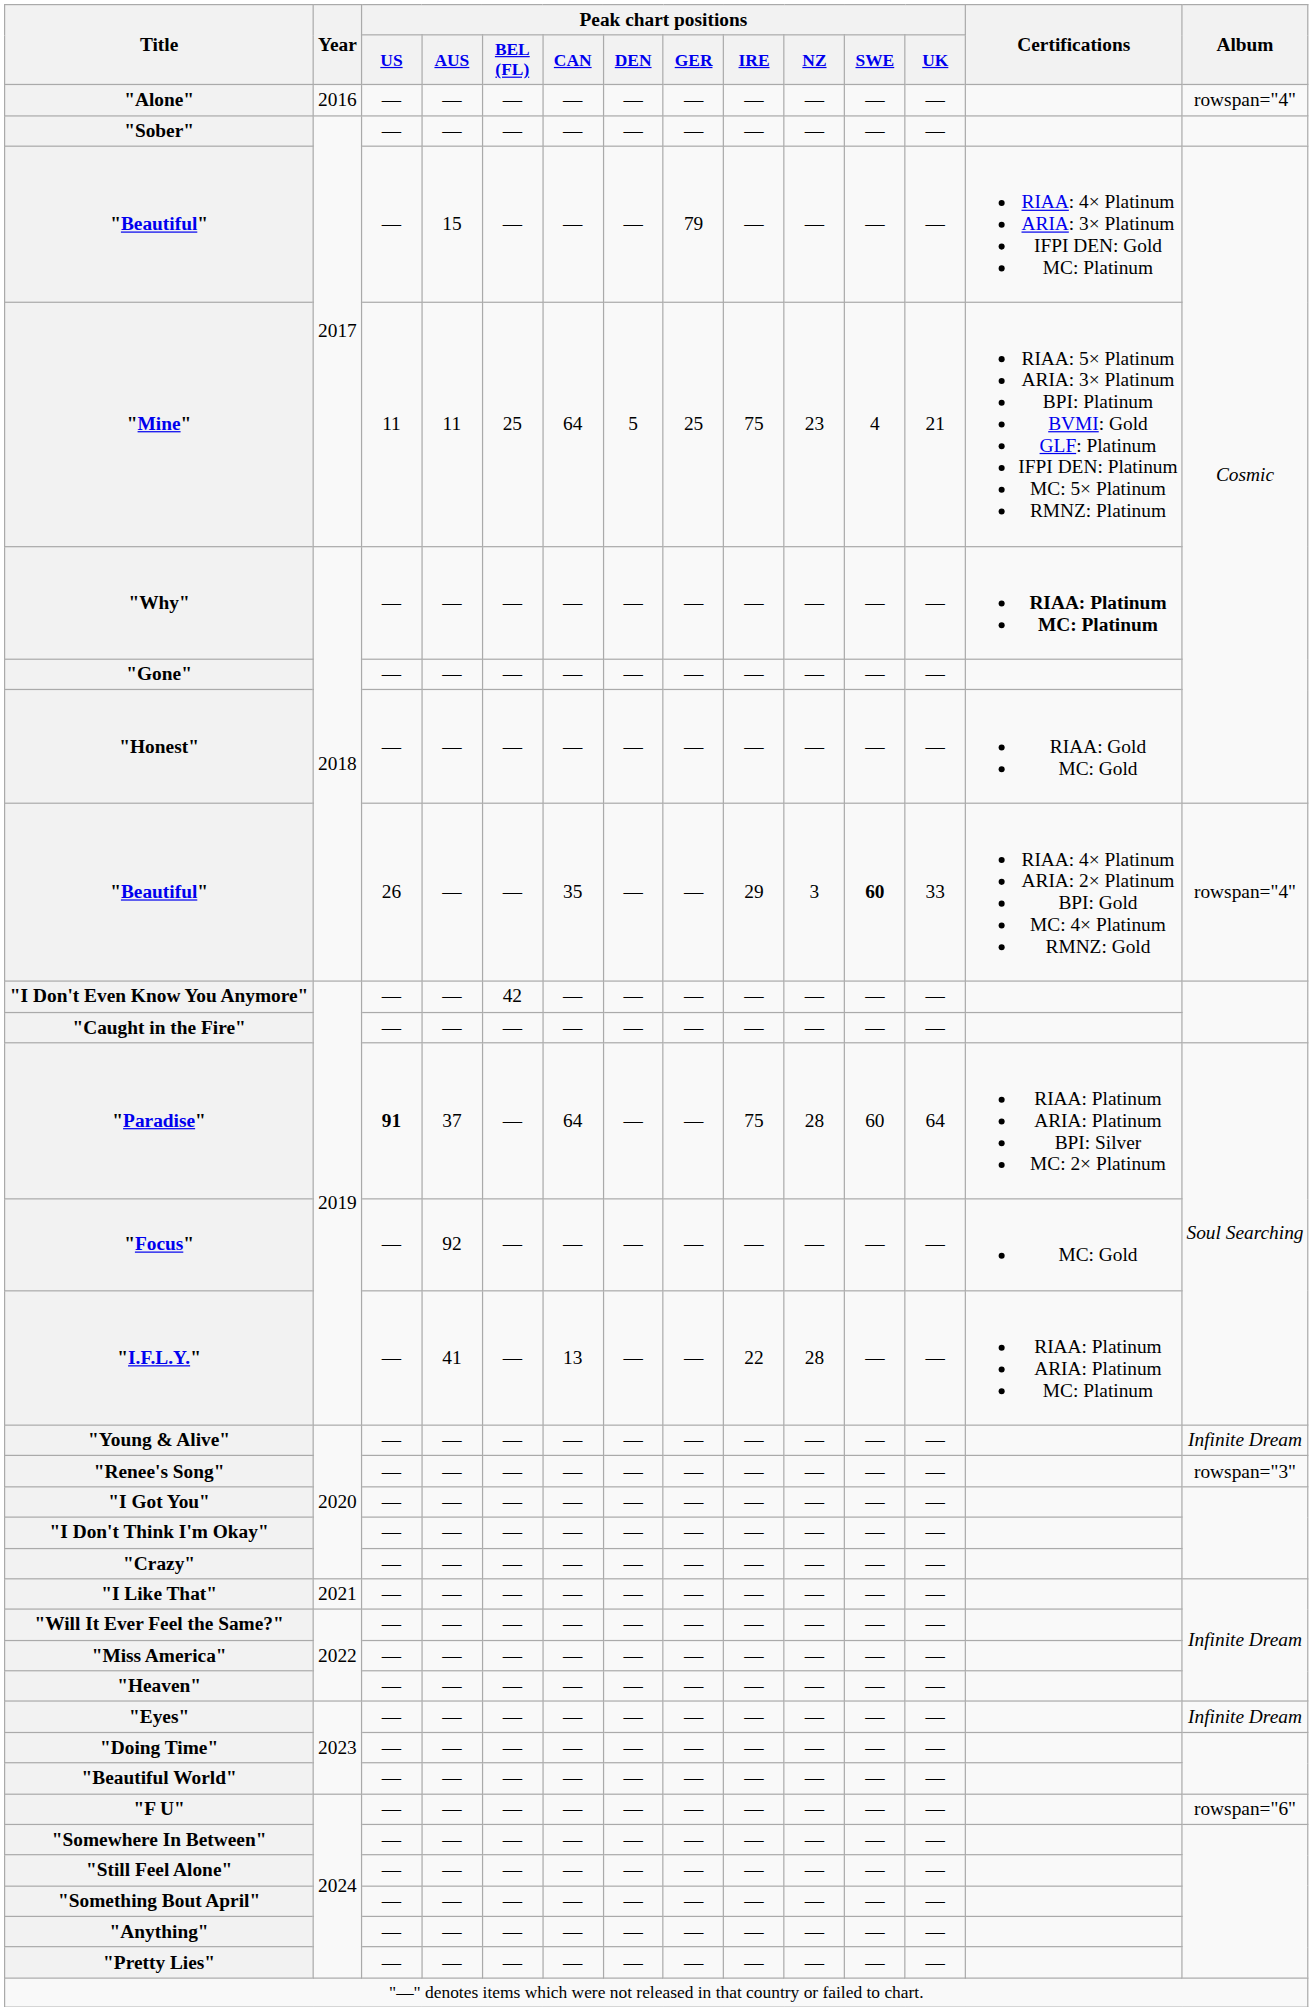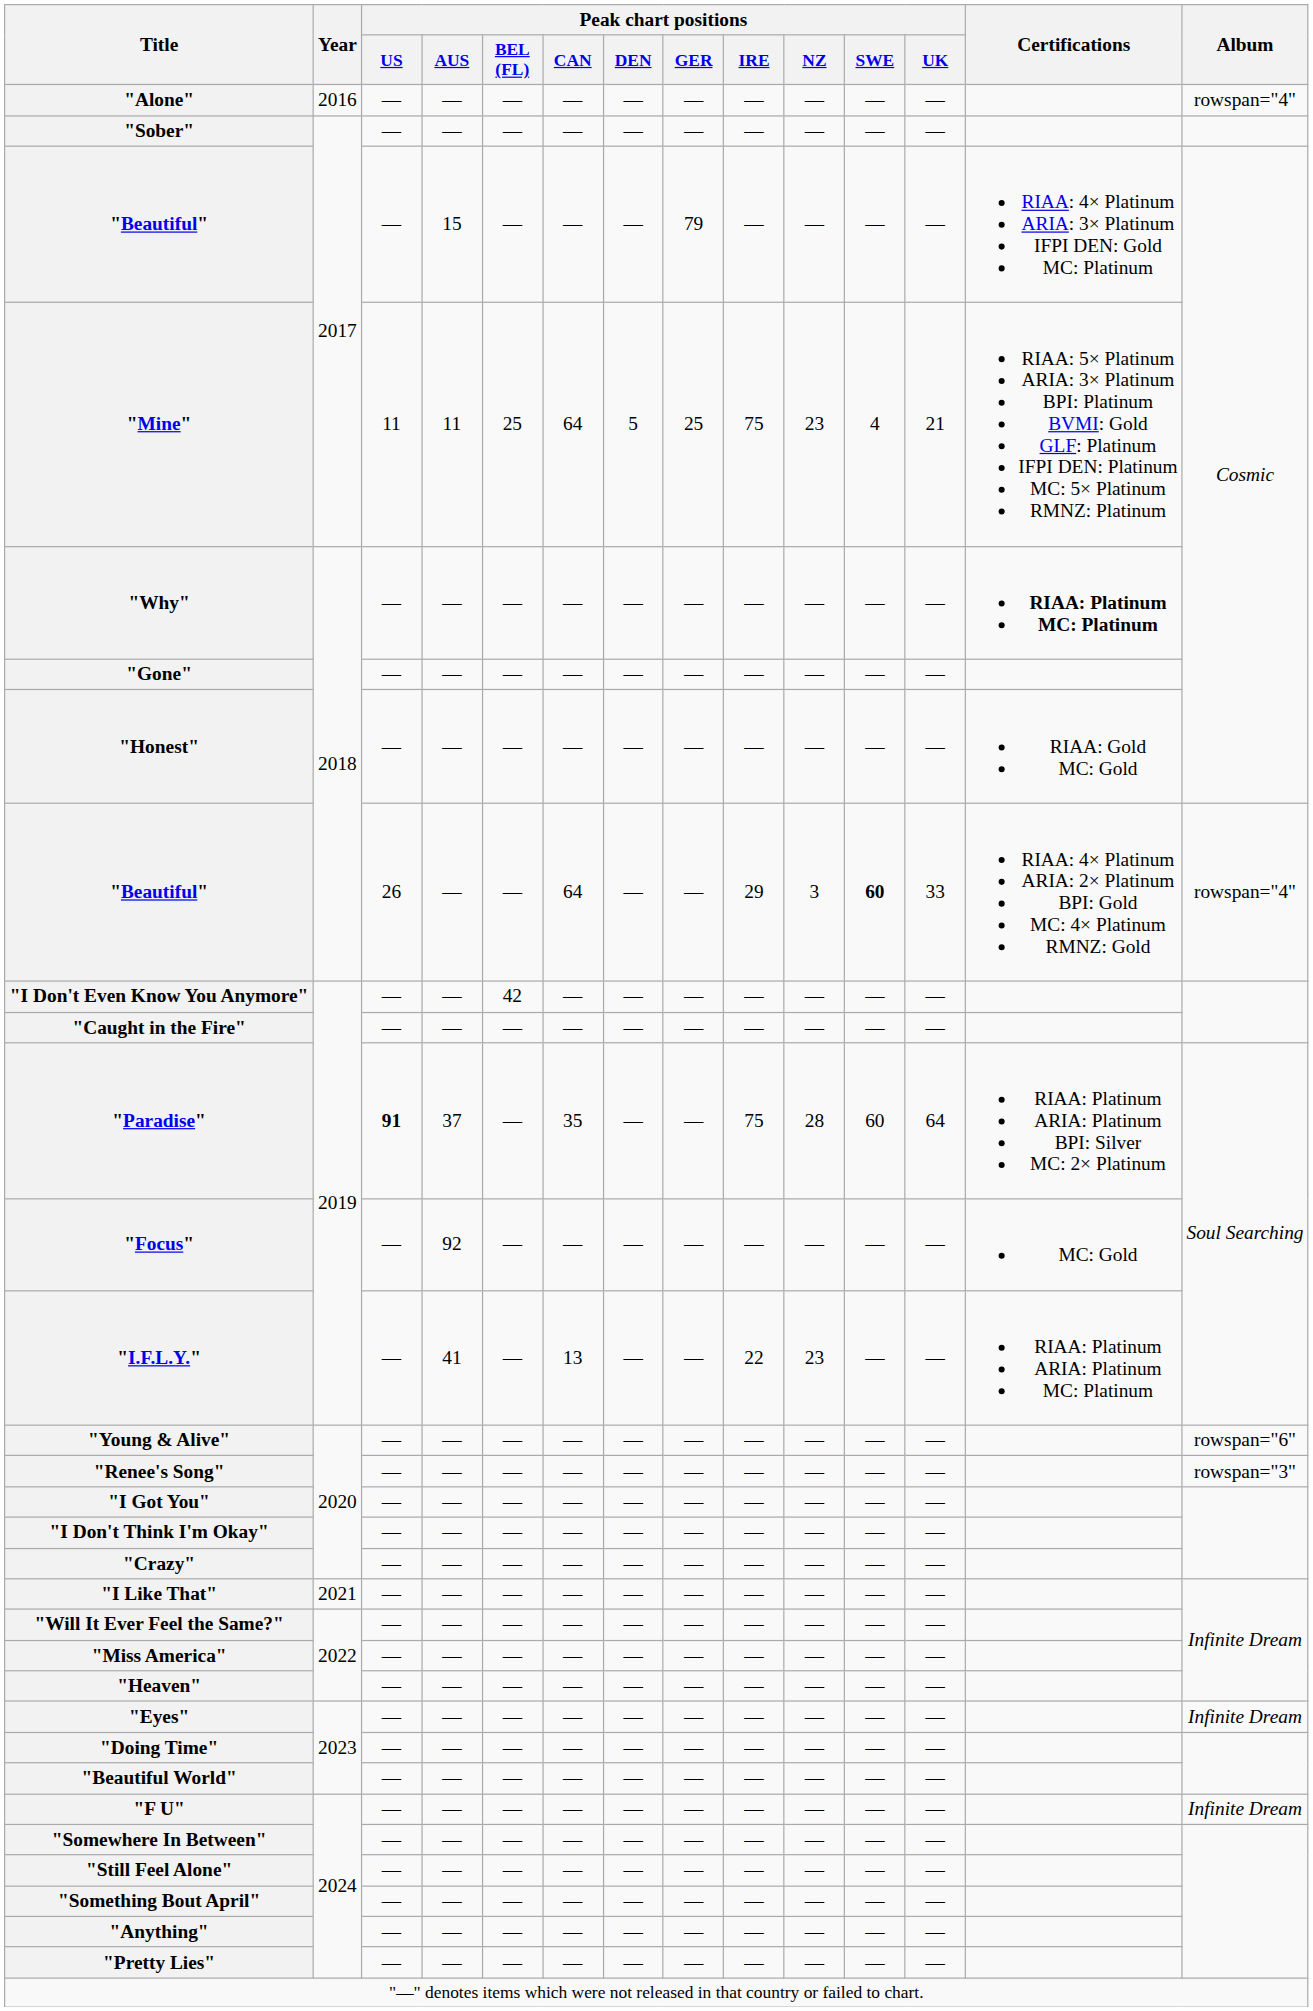 <table class="wikitable plainrowheaders" style="text-align:center;">
 <tr>
 <th scope="col" rowspan="2" style="width:15.5em;">Title</th>
 <th scope="col" rowspan="2" style="width:1em;">Year</th>
 <th scope="col" colspan="10">Peak chart positions</th>
 <th scope="col" rowspan="2">Certifications</th>
 <th scope="col" rowspan="2">Album</th>
 </tr>
 <tr>
 <th scope="col" style="width:3em;font-size:90%;"><a href='#'>US</a><br></th>
 <th scope="col" style="width:3em;font-size:90%;"><a href='#'>AUS</a><br></th>
 <th scope="col" style="width:3em;font-size:90%;"><a href='#'>BEL<br>(FL)</a><br></th>
 <th scope="col" style="width:3em;font-size:90%;"><a href='#'>CAN</a><br></th>
 <th scope="col" style="width:3em;font-size:90%;"><a href='#'>DEN</a><br></th>
 <th scope="col" style="width:3em;font-size:90%;"><a href='#'>GER</a><br></th>
 <th scope="col" style="width:3em;font-size:90%;"><a href='#'>IRE</a><br></th>
 <th scope="col" style="width:3em;font-size:90%;"><a href='#'>NZ</a><br></th>
 <th scope="col" style="width:3em;font-size:90%;"><a href='#'>SWE</a><br></th>
 <th scope="col" style="width:3em;font-size:90%;"><a href='#'>UK</a><br></th>
 </tr>
 <tr>
 <th scope="row">"Alone"</th>
 <td>2016</td>
 <td>—</td>
 <td>—</td>
 <td>—</td>
 <td>—</td>
 <td>—</td>
 <td>—</td>
 <td>—</td>
 <td>—</td>
 <td>—</td>
 <td>—</td>
 <td></td>
 <td>rowspan="4" </td>
 </tr>
 <tr>
 <th scope="row">"Sober"</th>
 <td rowspan="3">2017</td>
 <td>—</td>
 <td>—</td>
 <td>—</td>
 <td>—</td>
 <td>—</td>
 <td>—</td>
 <td>—</td>
 <td>—</td>
 <td>—</td>
 <td>—</td>
 <td></td>
 </tr>
 <tr>
 <th scope="row">"<a href='#'>Beautiful</a>"</th>
 <td>—</td>
 <td>15</td>
 <td>—</td>
 <td>—</td>
 <td>—</td>
 <td>79</td>
 <td>—</td>
 <td>—</td>
 <td>—</td>
 <td>—</td>
 <td><br><ul><li><a href='#'>RIAA</a>:  4× Platinum</li><li><a href='#'>ARIA</a>: 3× Platinum</li><li>IFPI DEN: Gold</li><li>MC: Platinum</li></ul></td>
 <td rowspan="5"><em>Cosmic</em></td>
 </tr>
 <tr>
 <th scope="row">"<a href='#'>Mine</a>"</th>
 <td>11</td>
 <td>11</td>
 <td>25</td>
 <td>64</td>
 <td>5</td>
 <td>25</td>
 <td>75<br></td>
 <td>23</td>
 <td>4</td>
 <td>21</td>
 <td><br><ul><li>RIAA: 5× Platinum</li><li>ARIA: 3× Platinum</li><li>BPI: Platinum</li><li><a href='#'>BVMI</a>: Gold</li><li><a href='#'>GLF</a>: Platinum</li><li>IFPI DEN: Platinum</li><li>MC: 5× Platinum</li><li>RMNZ: Platinum</li></ul></td>
 </tr>
 <tr>
 <th scope="row">"Why"</th>
 <td rowspan="4">2018</td>
 <td>—</td>
 <td>—</td>
 <td>—</td>
 <td>—</td>
 <td>—</td>
 <td>—</td>
 <td>—</td>
 <td>—</td>
 <td>—</td>
 <td>—</td>
 <td><strong><br><ul><li>RIAA: Platinum</li><li>MC: Platinum</li></ul></strong></td>
 </tr>
 <tr>
 <th scope="row">"Gone"</th>
 <td>—</td>
 <td>—</td>
 <td>—</td>
 <td>—</td>
 <td>—</td>
 <td>—</td>
 <td>—</td>
 <td>—</td>
 <td>—</td>
 <td>—</td>
 <td></td>
 </tr>
 <tr>
 <th scope="row">"Honest"</th>
 <td>—</td>
 <td>—</td>
 <td>—</td>
 <td>—</td>
 <td>—</td>
 <td>—</td>
 <td>—</td>
 <td>—</td>
 <td>—</td>
 <td>—</td>
 <td><br><ul><li>RIAA: Gold</li><li>MC: Gold</li></ul></td>
 </tr>
 <tr>
 <th scope="row">"<a href='#'>Beautiful</a>"<br></th>
 <td>26</td>
 <td>—</td>
 <td>—</td>
-<td>35</td>
+<td>64</td>
 <td>—</td>
 <td>—</td>
 <td>29</td>
 <td>3</td>
 <td><strong>60</strong></td>
 <td>33</td>
 <td><br><ul><li>RIAA:  4× Platinum</li><li>ARIA: 2× Platinum</li><li>BPI: Gold</li><li>MC: 4× Platinum</li><li>RMNZ: Gold</li></ul></td>
 <td>rowspan="4" </td>
 </tr>
 <tr>
 <th scope="row">"I Don't Even Know You Anymore"<br></th>
 <td rowspan="5">2019</td>
 <td>—</td>
 <td>—</td>
 <td>42</td>
 <td>—</td>
 <td>—</td>
 <td>—</td>
 <td>—</td>
 <td>—</td>
 <td>—</td>
 <td>—</td>
 <td></td>
 </tr>
 <tr>
 <th scope="row">"Caught in the Fire"</th>
 <td>—</td>
 <td>—</td>
 <td>—</td>
 <td>—</td>
 <td>—</td>
 <td>—</td>
 <td>—</td>
 <td>—</td>
 <td>—</td>
 <td>—</td>
 <td></td>
 </tr>
 <tr>
 <th scope="row">"<a href='#'>Paradise</a>"</th>
 <td><strong>91</strong></td>
 <td>37</td>
 <td>—</td>
-<td>64</td>
+<td>35</td>
 <td>—</td>
 <td>—</td>
 <td>75<br></td>
 <td>28<br></td>
 <td>60</td>
 <td>64</td>
 <td><br><ul><li>RIAA: Platinum</li><li>ARIA: Platinum</li><li>BPI: Silver</li><li>MC: 2× Platinum</li></ul></td>
 <td rowspan="3"><em>Soul Searching</em></td>
 </tr>
 <tr>
 <th scope="row">"<a href='#'>Focus</a>"<br></th>
 <td>—</td>
 <td>92</td>
 <td>—</td>
 <td>—</td>
 <td>—</td>
 <td>—</td>
 <td>—</td>
 <td>—</td>
 <td>—</td>
 <td>—</td>
 <td><br><ul><li>MC: Gold</li></ul></td>
 </tr>
 <tr>
 <th scope="row">"<a href='#'>I.F.L.Y.</a>"</th>
 <td>—</td>
 <td>41<br></td>
 <td>—</td>
 <td>13</td>
 <td>—</td>
 <td>—</td>
 <td>22</td>
-<td>28<br></td>
+<td>23</td>
 <td>—</td>
 <td>—</td>
 <td><br><ul><li>RIAA: Platinum</li><li>ARIA: Platinum</li><li>MC: Platinum</li></ul></td>
 </tr>
 <tr>
 <th scope="row">"Young & Alive"</th>
 <td rowspan="5">2020</td>
 <td>—</td>
 <td>—</td>
 <td>—</td>
 <td>—</td>
 <td>—</td>
 <td>—</td>
 <td>—</td>
 <td>—</td>
 <td>—</td>
 <td>—</td>
 <td></td>
-<td><em>Infinite Dream</em></td>
+<td>rowspan="6" </td>
 </tr>
 <tr>
 <th scope="row">"Renee's Song"</th>
 <td>—</td>
 <td>—</td>
 <td>—</td>
 <td>—</td>
 <td>—</td>
 <td>—</td>
 <td>—</td>
 <td>—</td>
 <td>—</td>
 <td>—</td>
 <td></td>
 <td>rowspan="3" </td>
 </tr>
 <tr>
 <th scope="row">"I Got You"</th>
 <td>—</td>
 <td>—</td>
 <td>—</td>
 <td>—</td>
 <td>—</td>
 <td>—</td>
 <td>—</td>
 <td>—</td>
 <td>—</td>
 <td>—</td>
 <td></td>
 </tr>
 <tr>
 <th scope="row">"I Don't Think I'm Okay"</th>
 <td>—</td>
 <td>—</td>
 <td>—</td>
 <td>—</td>
 <td>—</td>
 <td>—</td>
 <td>—</td>
 <td>—</td>
 <td>—</td>
 <td>—</td>
 <td></td>
 </tr>
 <tr>
 <th scope="row">"Crazy"</th>
 <td>—</td>
 <td>—</td>
 <td>—</td>
 <td>—</td>
 <td>—</td>
 <td>—</td>
 <td>—</td>
 <td>—</td>
 <td>—</td>
 <td>—</td>
 <td></td>
 </tr>
 <tr>
 <th scope="row">"I Like That"</th>
 <td>2021</td>
 <td>—</td>
 <td>—</td>
 <td>—</td>
 <td>—</td>
 <td>—</td>
 <td>—</td>
 <td>—</td>
 <td>—</td>
 <td>—</td>
 <td>—</td>
 <td></td>
 <td rowspan="4"><em>Infinite Dream</em></td>
 </tr>
 <tr>
 <th scope="row">"Will It Ever Feel the Same?"</th>
 <td rowspan="3">2022</td>
 <td>—</td>
 <td>—</td>
 <td>—</td>
 <td>—</td>
 <td>—</td>
 <td>—</td>
 <td>—</td>
 <td>—</td>
 <td>—</td>
 <td>—</td>
 <td></td>
 </tr>
 <tr>
 <th scope="row">"Miss America"</th>
 <td>—</td>
 <td>—</td>
 <td>—</td>
 <td>—</td>
 <td>—</td>
 <td>—</td>
 <td>—</td>
 <td>—</td>
 <td>—</td>
 <td>—</td>
 <td></td>
 </tr>
 <tr>
 <th scope="row">"Heaven"</th>
 <td>—</td>
 <td>—</td>
 <td>—</td>
 <td>—</td>
 <td>—</td>
 <td>—</td>
 <td>—</td>
 <td>—</td>
 <td>—</td>
 <td>—</td>
 <td></td>
 </tr>
 <tr>
 <th scope="row">"Eyes"</th>
 <td rowspan="3">2023</td>
 <td>—</td>
 <td>—</td>
 <td>—</td>
 <td>—</td>
 <td>—</td>
 <td>—</td>
 <td>—</td>
 <td>—</td>
 <td>—</td>
 <td>—</td>
 <td></td>
 <td><em>Infinite Dream</em></td>
 </tr>
 <tr>
 <th scope="row">"Doing Time"</th>
 <td>—</td>
 <td>—</td>
 <td>—</td>
 <td>—</td>
 <td>—</td>
 <td>—</td>
 <td>—</td>
 <td>—</td>
 <td>—</td>
 <td>—</td>
 <td></td>
 </tr>
 <tr>
 <th scope="row">"Beautiful World"</th>
 <td>—</td>
 <td>—</td>
 <td>—</td>
 <td>—</td>
 <td>—</td>
 <td>—</td>
 <td>—</td>
 <td>—</td>
 <td>—</td>
 <td>—</td>
 <td></td>
 </tr>
 <tr>
 <th scope="row">"F U"</th>
 <td rowspan="6">2024</td>
 <td>—</td>
 <td>—</td>
 <td>—</td>
 <td>—</td>
 <td>—</td>
 <td>—</td>
 <td>—</td>
 <td>—</td>
 <td>—</td>
 <td>—</td>
 <td></td>
-<td>rowspan="6" </td>
+<td><em>Infinite Dream</em></td>
 </tr>
 <tr>
 <th scope="row">"Somewhere In Between"</th>
 <td>—</td>
 <td>—</td>
 <td>—</td>
 <td>—</td>
 <td>—</td>
 <td>—</td>
 <td>—</td>
 <td>—</td>
 <td>—</td>
 <td>—</td>
 <td></td>
 </tr>
 <tr>
 <th scope="row">"Still Feel Alone"</th>
 <td>—</td>
 <td>—</td>
 <td>—</td>
 <td>—</td>
 <td>—</td>
 <td>—</td>
 <td>—</td>
 <td>—</td>
 <td>—</td>
 <td>—</td>
 <td></td>
 </tr>
 <tr>
 <th scope="row">"Something Bout April"</th>
 <td>—</td>
 <td>—</td>
 <td>—</td>
 <td>—</td>
 <td>—</td>
 <td>—</td>
 <td>—</td>
 <td>—</td>
 <td>—</td>
 <td>—</td>
 <td></td>
 </tr>
 <tr>
 <th scope="row">"Anything"</th>
 <td>—</td>
 <td>—</td>
 <td>—</td>
 <td>—</td>
 <td>—</td>
 <td>—</td>
 <td>—</td>
 <td>—</td>
 <td>—</td>
 <td>—</td>
 <td></td>
 </tr>
 <tr>
 <th scope="row">"Pretty Lies"</th>
 <td>—</td>
 <td>—</td>
 <td>—</td>
 <td>—</td>
 <td>—</td>
 <td>—</td>
 <td>—</td>
 <td>—</td>
 <td>—</td>
 <td>—</td>
 <td></td>
 </tr>
 <tr>
 <td colspan="14" style="font-size:90%;">"—" denotes items which were not released in that country or failed to chart.</td>
 </tr>
 </table>
